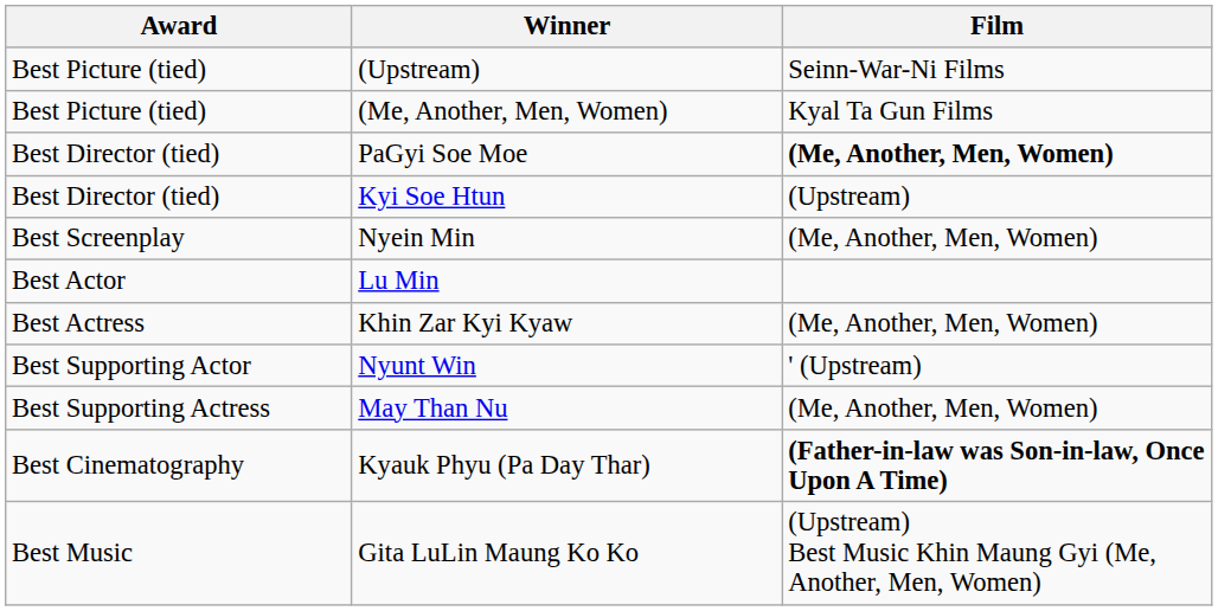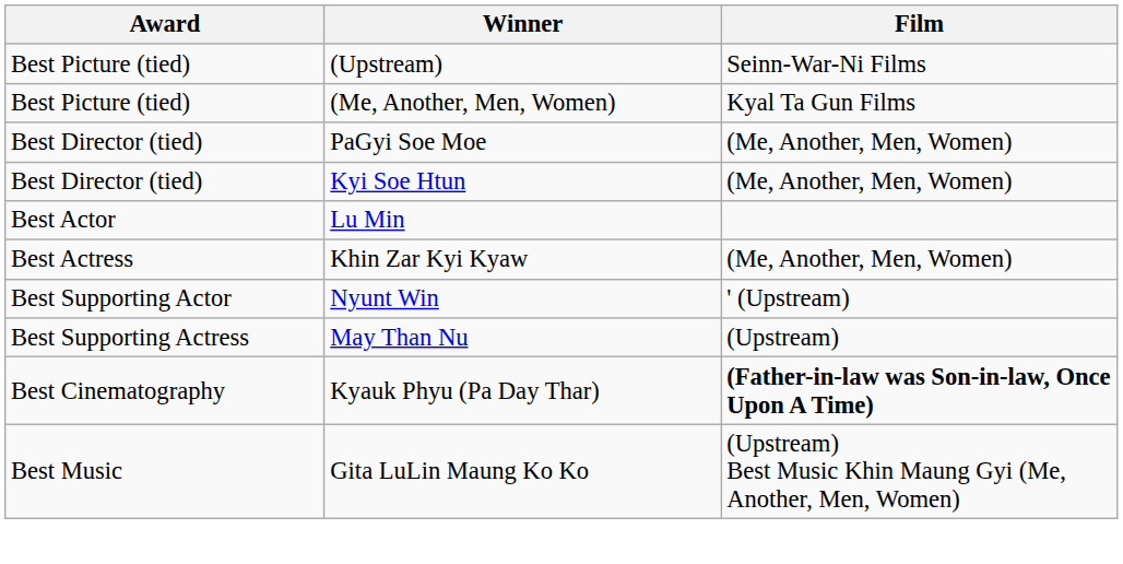 <table class="wikitable">
 <tr>
 <th width="200"><strong>Award</strong></th>
 <th width="250"><strong>Winner</strong></th>
 <th width="250"><strong>Film</strong></th>
 </tr>
 <tr>
 <td>Best Picture (tied)</td>
 <td> (Upstream)</td>
 <td>Seinn-War-Ni Films</td>
 </tr>
 <tr>
 <td>Best Picture (tied)</td>
 <td> (Me, Another, Men, Women)</td>
 <td>Kyal Ta Gun Films</td>
 </tr>
 <tr>
 <td>Best Director (tied)</td>
 <td>PaGyi Soe Moe</td>
-<td><strong> (Me, Another, Men, Women)</strong></td>
+<td> (Me, Another, Men, Women)</td>
 </tr>
 <tr>
 <td>Best Director (tied)</td>
 <td><a href='#'>Kyi Soe Htun</a></td>
-<td> (Upstream)</td>
-</tr>
-<tr>
-<td>Best Screenplay</td>
-<td>Nyein Min</td>
 <td> (Me, Another, Men, Women)</td>
 </tr>
 <tr>
 <td>Best Actor</td>
 <td><a href='#'>Lu Min</a></td>
 <td></td>
 </tr>
 <tr>
 <td>Best Actress</td>
 <td>Khin Zar Kyi Kyaw</td>
 <td> (Me, Another, Men, Women)</td>
 </tr>
 <tr>
 <td>Best Supporting Actor</td>
 <td><a href='#'>Nyunt Win</a></td>
 <td>' (Upstream)</td>
 </tr>
 <tr>
 <td>Best Supporting Actress</td>
 <td><a href='#'>May Than Nu</a></td>
-<td> (Me, Another, Men, Women)</td>
+<td> (Upstream)</td>
 </tr>
 <tr>
 <td>Best Cinematography</td>
 <td>Kyauk Phyu (Pa Day Thar)</td>
 <td><strong> (Father-in-law was Son-in-law, Once Upon A Time)</strong></td>
 </tr>
 <tr>
 <td>Best Music</td>
 <td>Gita LuLin Maung Ko Ko</td>
 <td> (Upstream)<br>Best Music Khin Maung Gyi  (Me, Another, Men, Women)</td>
 </tr>
 </table>
